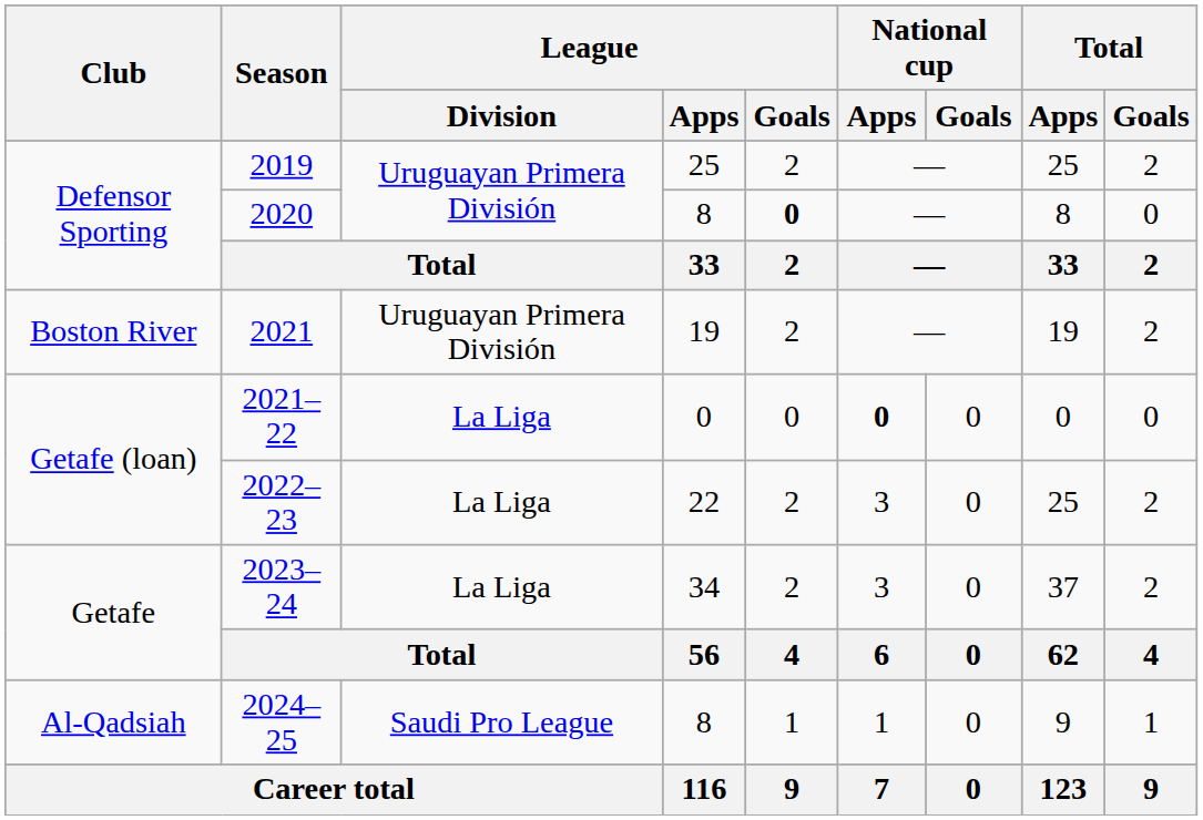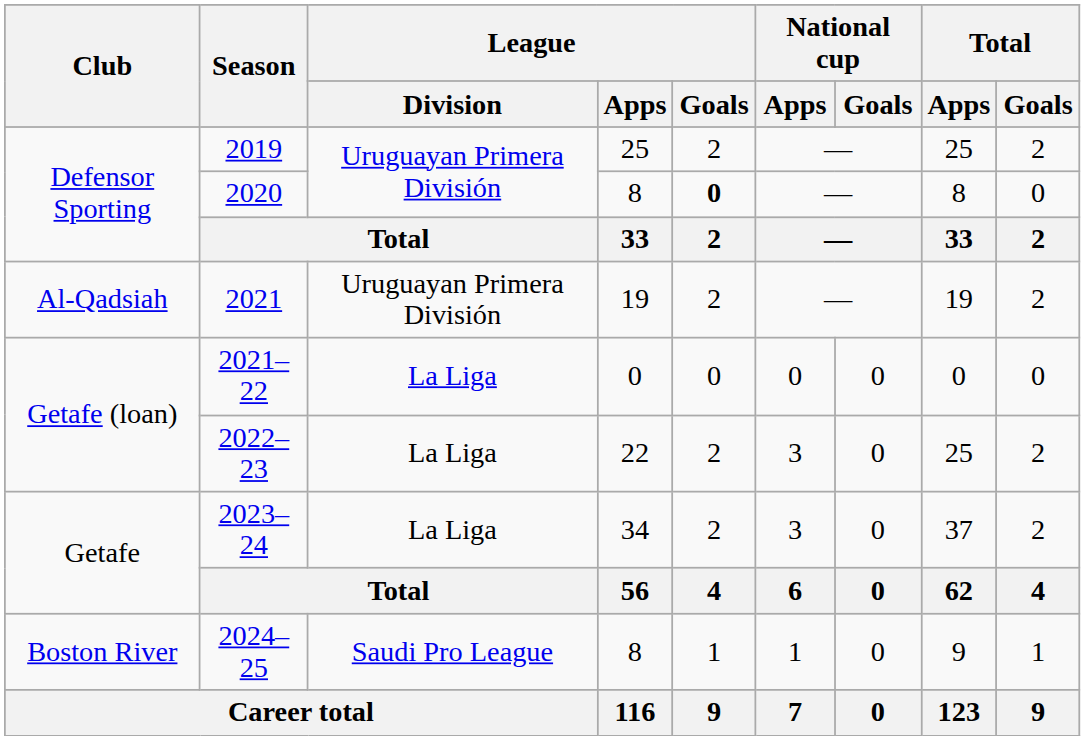 <table class="wikitable" style="text-align:center">
 <tr>
 <th rowspan="2">Club</th>
 <th rowspan="2">Season</th>
 <th colspan="3">League</th>
 <th colspan="2">National cup</th>
 <th colspan="2">Total</th>
 </tr>
 <tr>
 <th>Division</th>
 <th>Apps</th>
 <th>Goals</th>
 <th>Apps</th>
 <th>Goals</th>
 <th>Apps</th>
 <th>Goals</th>
 </tr>
 <tr>
 <td rowspan="3"><a href='#'>Defensor Sporting</a></td>
 <td><a href='#'>2019</a></td>
 <td rowspan="2"><a href='#'>Uruguayan Primera División</a></td>
 <td>25</td>
 <td>2</td>
 <td colspan="2">—</td>
 <td>25</td>
 <td>2</td>
 </tr>
 <tr>
 <td><a href='#'>2020</a></td>
 <td>8</td>
 <td><strong>0</strong></td>
 <td colspan="2">—</td>
 <td>8</td>
 <td>0</td>
 </tr>
 <tr>
 <th colspan="2">Total</th>
 <th>33</th>
 <th>2</th>
 <th colspan="2">—</th>
 <th>33</th>
 <th>2</th>
 </tr>
 <tr>
-<td><a href='#'>Boston River</a></td>
+<td><a href='#'>Al-Qadsiah</a></td>
 <td><a href='#'>2021</a></td>
 <td>Uruguayan Primera División</td>
 <td>19</td>
 <td>2</td>
 <td colspan="2">—</td>
 <td>19</td>
 <td>2</td>
 </tr>
 <tr>
 <td rowspan="2"><a href='#'>Getafe</a> (loan)</td>
 <td><a href='#'>2021–22</a></td>
 <td><a href='#'>La Liga</a></td>
 <td>0</td>
 <td>0</td>
-<td><strong>0</strong></td>
+<td>0</td>
 <td>0</td>
 <td>0</td>
 <td>0</td>
 </tr>
 <tr>
 <td><a href='#'>2022–23</a></td>
 <td>La Liga</td>
 <td>22</td>
 <td>2</td>
 <td>3</td>
 <td>0</td>
 <td>25</td>
 <td>2</td>
 </tr>
 <tr>
 <td rowspan="2">Getafe</td>
 <td><a href='#'>2023–24</a></td>
 <td>La Liga</td>
 <td>34</td>
 <td>2</td>
 <td>3</td>
 <td>0</td>
 <td>37</td>
 <td>2</td>
 </tr>
 <tr>
 <th colspan="2">Total</th>
 <th>56</th>
 <th>4</th>
 <th>6</th>
 <th>0</th>
 <th>62</th>
 <th>4</th>
 </tr>
 <tr>
-<td><a href='#'>Al-Qadsiah</a></td>
+<td><a href='#'>Boston River</a></td>
 <td><a href='#'>2024–25</a></td>
 <td><a href='#'>Saudi Pro League</a></td>
 <td>8</td>
 <td>1</td>
 <td>1</td>
 <td>0</td>
 <td>9</td>
 <td>1</td>
 </tr>
 <tr>
 <th colspan="3">Career total</th>
 <th>116</th>
 <th>9</th>
 <th>7</th>
 <th>0</th>
 <th>123</th>
 <th>9</th>
 </tr>
 </table>
